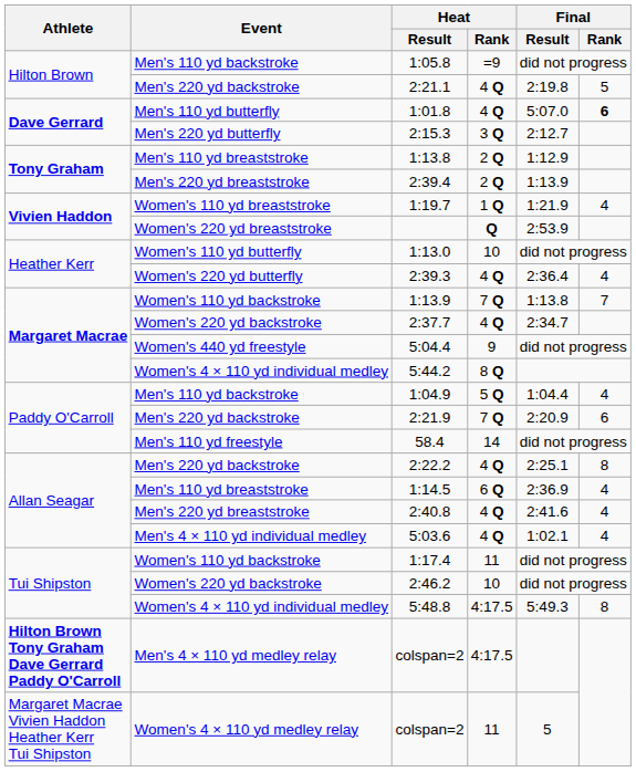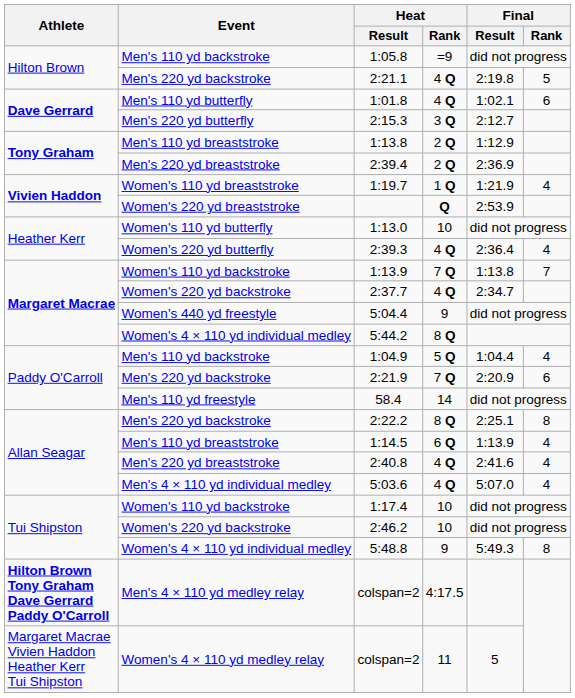 <table class=wikitable style=font-size:90%>
 <tr>
 <th rowspan=2>Athlete</th>
 <th rowspan=2>Event</th>
 <th colspan=2>Heat</th>
 <th colspan=2>Final</th>
 </tr>
 <tr style=font-size:95%>
 <th>Result</th>
 <th>Rank</th>
 <th>Result</th>
 <th>Rank</th>
 </tr>
 <tr align=center>
 <td align=left rowspan=2><a href='#'>Hilton Brown</a></td>
 <td align=left><a href='#'>Men's 110 yd backstroke</a></td>
 <td>1:05.8</td>
 <td>=9</td>
 <td colspan=2>did not progress</td>
 </tr>
 <tr align=center>
 <td align=left><a href='#'>Men's 220 yd backstroke</a></td>
 <td>2:21.1</td>
 <td>4 <strong>Q</strong></td>
 <td>2:19.8</td>
 <td>5</td>
 </tr>
 <tr align=center>
 <td align=left rowspan=2><strong><a href='#'>Dave Gerrard</a></strong></td>
 <td align=left><a href='#'>Men's 110 yd butterfly</a></td>
 <td>1:01.8</td>
 <td>4 <strong>Q</strong></td>
-<td>5:07.0</td>
-<td><strong>6</strong></td>
+<td>1:02.1</td>
+<td>6</td>
 </tr>
 <tr align=center>
 <td align=left><a href='#'>Men's 220 yd butterfly</a></td>
 <td>2:15.3</td>
 <td>3 <strong>Q</strong></td>
 <td>2:12.7</td>
 <td></td>
 </tr>
 <tr align=center>
 <td align=left rowspan=2><strong><a href='#'>Tony Graham</a></strong></td>
 <td align=left><a href='#'>Men's 110 yd breaststroke</a></td>
 <td>1:13.8</td>
 <td>2 <strong>Q</strong></td>
 <td>1:12.9</td>
 <td></td>
 </tr>
 <tr align=center>
 <td align=left><a href='#'>Men's 220 yd breaststroke</a></td>
 <td>2:39.4</td>
 <td>2 <strong>Q</strong></td>
-<td>1:13.9</td>
+<td>2:36.9</td>
 <td></td>
 </tr>
 <tr align=center>
 <td align=left rowspan=2><strong><a href='#'>Vivien Haddon</a></strong></td>
 <td align=left><a href='#'>Women's 110 yd breaststroke</a></td>
 <td>1:19.7 </td>
 <td>1 <strong>Q</strong></td>
 <td>1:21.9</td>
 <td>4</td>
 </tr>
 <tr align=center>
 <td align=left><a href='#'>Women's 220 yd breaststroke</a></td>
 <td></td>
 <td><strong>Q</strong></td>
 <td>2:53.9</td>
 <td></td>
 </tr>
 <tr align=center>
 <td align=left rowspan=2><a href='#'>Heather Kerr</a></td>
 <td align=left><a href='#'>Women's 110 yd butterfly</a></td>
 <td>1:13.0</td>
 <td>10</td>
 <td colspan=2>did not progress</td>
 </tr>
 <tr align=center>
 <td align=left><a href='#'>Women's 220 yd butterfly</a></td>
 <td>2:39.3</td>
 <td>4 <strong>Q</strong></td>
 <td>2:36.4</td>
 <td>4</td>
 </tr>
 <tr align=center>
 <td align=left rowspan=4><strong><a href='#'>Margaret Macrae</a></strong></td>
 <td align=left><a href='#'>Women's 110 yd backstroke</a></td>
 <td>1:13.9</td>
 <td>7 <strong>Q</strong></td>
 <td>1:13.8</td>
 <td>7</td>
 </tr>
 <tr align=center>
 <td align=left><a href='#'>Women's 220 yd backstroke</a></td>
 <td>2:37.7</td>
 <td>4 <strong>Q</strong></td>
 <td>2:34.7</td>
 <td></td>
 </tr>
 <tr align=center>
 <td align=left><a href='#'>Women's 440 yd freestyle</a></td>
 <td>5:04.4</td>
 <td>9</td>
 <td colspan=2>did not progress</td>
 </tr>
 <tr align=center>
 <td align=left><a href='#'>Women's 4 × 110 yd individual medley</a></td>
 <td>5:44.2</td>
 <td>8 <strong>Q</strong></td>
 <td colspan=2></td>
 </tr>
 <tr align=center>
 <td align=left rowspan=3><a href='#'>Paddy O'Carroll</a></td>
 <td align=left><a href='#'>Men's 110 yd backstroke</a></td>
 <td>1:04.9</td>
 <td>5 <strong>Q</strong></td>
 <td>1:04.4</td>
 <td>4</td>
 </tr>
 <tr align=center>
 <td align=left><a href='#'>Men's 220 yd backstroke</a></td>
 <td>2:21.9</td>
 <td>7 <strong>Q</strong></td>
 <td>2:20.9</td>
 <td>6</td>
 </tr>
 <tr align=center>
 <td align=left><a href='#'>Men's 110 yd freestyle</a></td>
 <td>58.4</td>
 <td>14</td>
 <td colspan=2>did not progress</td>
 </tr>
 <tr align=center>
 <td align=left rowspan=4><a href='#'>Allan Seagar</a></td>
 <td align=left><a href='#'>Men's 220 yd backstroke</a></td>
 <td>2:22.2</td>
-<td>4 <strong>Q</strong></td>
+<td>8 <strong>Q</strong></td>
 <td>2:25.1</td>
 <td>8</td>
 </tr>
 <tr align=center>
 <td align=left><a href='#'>Men's 110 yd breaststroke</a></td>
 <td>1:14.5</td>
 <td>6 <strong>Q</strong></td>
-<td>2:36.9</td>
+<td>1:13.9</td>
 <td>4</td>
 </tr>
 <tr align=center>
 <td align=left><a href='#'>Men's 220 yd breaststroke</a></td>
 <td>2:40.8</td>
 <td>4 <strong>Q</strong></td>
 <td>2:41.6</td>
 <td>4</td>
 </tr>
 <tr align=center>
 <td align=left><a href='#'>Men's 4 × 110 yd individual medley</a></td>
 <td>5:03.6</td>
 <td>4 <strong>Q</strong></td>
-<td>1:02.1</td>
+<td>5:07.0</td>
 <td>4</td>
 </tr>
 <tr align=center>
 <td align=left rowspan=3><a href='#'>Tui Shipston</a></td>
 <td align=left><a href='#'>Women's 110 yd backstroke</a></td>
 <td>1:17.4</td>
-<td>11</td>
+<td>10</td>
 <td colspan=2>did not progress</td>
 </tr>
 <tr align=center>
 <td align=left><a href='#'>Women's 220 yd backstroke</a></td>
 <td>2:46.2</td>
 <td>10</td>
 <td colspan=2>did not progress</td>
 </tr>
 <tr align=center>
 <td align=left><a href='#'>Women's 4 × 110 yd individual medley</a></td>
 <td>5:48.8</td>
-<td>4:17.5</td>
+<td>9</td>
 <td>5:49.3</td>
 <td>8</td>
 </tr>
 <tr align=center>
 <td align=left><strong><a href='#'>Hilton Brown</a><br><a href='#'>Tony Graham</a><br><a href='#'>Dave Gerrard</a><br><a href='#'>Paddy O'Carroll</a></strong></td>
 <td align=left><a href='#'>Men's 4 × 110 yd medley relay</a></td>
 <td>colspan=2 </td>
 <td>4:17.5</td>
 <td></td>
 </tr>
 <tr align=center>
 <td align=left><a href='#'>Margaret Macrae</a><br><a href='#'>Vivien Haddon</a><br><a href='#'>Heather Kerr</a><br><a href='#'>Tui Shipston</a></td>
 <td align=left><a href='#'>Women's 4 × 110 yd medley relay</a></td>
 <td>colspan=2 </td>
 <td>11</td>
 <td>5</td>
 </tr>
 </table>
